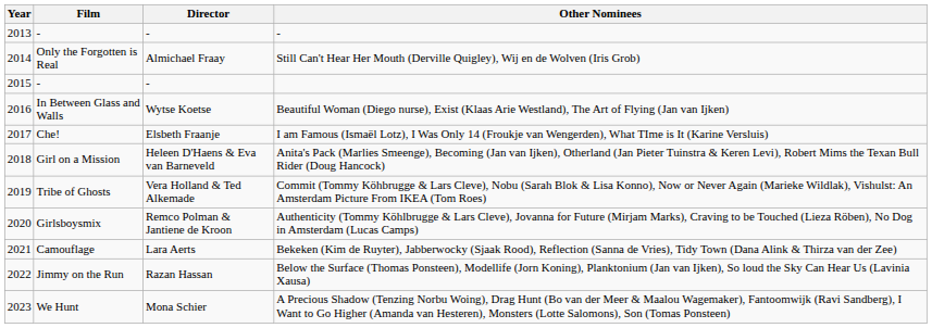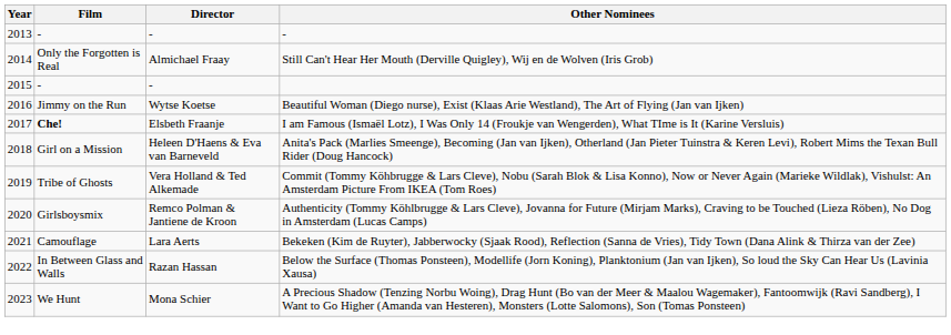 <table class="wikitable">
 <tr>
 <th>Year</th>
 <th>Film</th>
 <th>Director</th>
 <th>Other Nominees</th>
 </tr>
 <tr>
 <td>2013</td>
 <td>-</td>
 <td>-</td>
 <td>-</td>
 </tr>
 <tr>
 <td>2014</td>
 <td>Only the Forgotten is Real</td>
 <td>Almichael Fraay</td>
 <td>Still Can't Hear Her Mouth (Derville Quigley), Wij en de Wolven (Iris Grob)</td>
 </tr>
 <tr>
 <td>2015</td>
 <td>-</td>
 <td>-</td>
 <td></td>
 </tr>
 <tr>
 <td>2016</td>
-<td>In Between Glass and Walls</td>
+<td>Jimmy on the Run</td>
 <td>Wytse Koetse</td>
 <td>Beautiful Woman (Diego nurse), Exist (Klaas Arie Westland), The Art of Flying (Jan van Ijken)</td>
 </tr>
 <tr>
 <td>2017</td>
-<td>Che!</td>
+<td><strong>Che!</strong></td>
 <td>Elsbeth Fraanje</td>
 <td>I am Famous (Ismaël Lotz), I Was Only 14 (Froukje van Wengerden), What TIme is It (Karine Versluis)</td>
 </tr>
 <tr>
 <td>2018</td>
 <td>Girl on a Mission</td>
 <td>Heleen D'Haens & Eva van Barneveld</td>
 <td>Anita's Pack (Marlies Smeenge), Becoming (Jan van Ijken), Otherland (Jan Pieter Tuinstra & Keren Levi), Robert Mims the Texan Bull Rider (Doug Hancock)</td>
 </tr>
 <tr>
 <td>2019</td>
 <td>Tribe of Ghosts</td>
 <td>Vera Holland & Ted Alkemade</td>
 <td>Commit (Tommy Köhbrugge & Lars Cleve), Nobu (Sarah Blok & Lisa Konno), Now or Never Again (Marieke Wildlak), Vishulst: An Amsterdam Picture From IKEA (Tom Roes)</td>
 </tr>
 <tr>
 <td>2020</td>
 <td>Girlsboysmix</td>
 <td>Remco Polman & Jantiene de Kroon</td>
 <td>Authenticity (Tommy Köhlbrugge & Lars Cleve), Jovanna for Future (Mirjam Marks), Craving to be Touched (Lieza Röben), No Dog in Amsterdam (Lucas Camps)</td>
 </tr>
 <tr>
 <td>2021</td>
 <td>Camouflage</td>
 <td>Lara Aerts</td>
 <td>Bekeken (Kim de Ruyter), Jabberwocky (Sjaak Rood), Reflection (Sanna de Vries), Tidy Town (Dana Alink & Thirza van der Zee)</td>
 </tr>
 <tr>
 <td>2022</td>
-<td>Jimmy on the Run</td>
+<td>In Between Glass and Walls</td>
 <td>Razan Hassan</td>
 <td>Below the Surface (Thomas Ponsteen), Modellife (Jorn Koning), Planktonium (Jan van Ijken), So loud the Sky Can Hear Us (Lavinia Xausa)</td>
 </tr>
 <tr>
 <td>2023</td>
 <td>We Hunt</td>
 <td>Mona Schier</td>
 <td>A Precious Shadow (Tenzing Norbu Woing), Drag Hunt (Bo van der Meer & Maalou Wagemaker), Fantoomwijk (Ravi Sandberg), I Want to Go Higher (Amanda van Hesteren), Monsters (Lotte Salomons), Son (Tomas Ponsteen)</td>
 </tr>
 </table>
